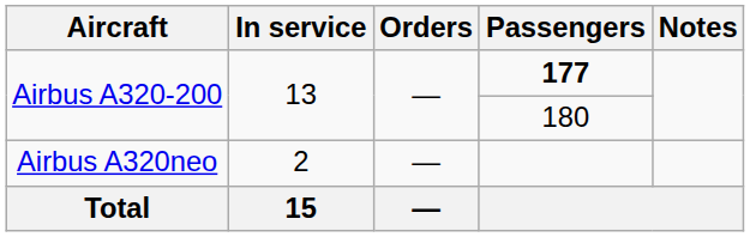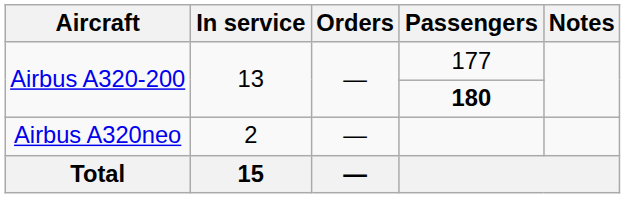 <table class="wikitable" style="margin:1em auto; border-collapse:collapse;text-align:center">
 <tr>
 <th>Aircraft</th>
 <th>In service</th>
 <th>Orders</th>
 <th>Passengers</th>
 <th>Notes</th>
 </tr>
 <tr>
 <td rowspan="2"><a href='#'>Airbus A320-200</a></td>
 <td rowspan="2">13</td>
 <td rowspan="2">—</td>
-<td><strong>177</strong></td>
+<td>177</td>
 <td rowspan="2"></td>
 </tr>
 <tr>
-<td>180</td>
+<td><strong>180</strong></td>
 </tr>
 <tr>
 <td><a href='#'>Airbus A320neo</a></td>
 <td>2</td>
 <td>—</td>
 <td></td>
 <td></td>
 </tr>
 <tr>
 <th>Total</th>
 <th>15</th>
 <th>—</th>
 <th colspan="2"></th>
 </tr>
 </table>
